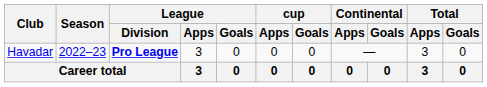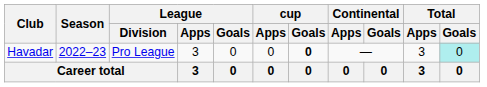 <table class="wikitable" style="text-align:center">
 <tr>
 <th rowspan="2">Club</th>
 <th rowspan="2">Season</th>
 <th colspan="3">League</th>
 <th colspan="2">cup</th>
 <th colspan="2">Continental</th>
 <th colspan="2">Total</th>
 </tr>
 <tr>
 <th>Division</th>
 <th>Apps</th>
 <th>Goals</th>
 <th>Apps</th>
 <th>Goals</th>
 <th>Apps</th>
 <th>Goals</th>
 <th>Apps</th>
 <th>Goals</th>
 </tr>
 <tr>
 <td><a href='#'>Havadar</a></td>
 <td><a href='#'>2022–23</a></td>
-<td><strong><a href='#'>Pro League</a></strong></td>
+<td><a href='#'>Pro League</a></td>
 <td>3</td>
 <td>0</td>
 <td>0</td>
-<td>0</td>
+<td><strong>0</strong></td>
 <td colspan="2">—</td>
 <td>3</td>
-<td>0</td>
+<td style="background: paleturquoise;">0</td>
 </tr>
 <tr>
 <th colspan="3">Career total</th>
 <th>3</th>
 <th>0</th>
 <th>0</th>
 <th>0</th>
 <th>0</th>
 <th>0</th>
 <th>3</th>
 <th>0</th>
 </tr>
 </table>
